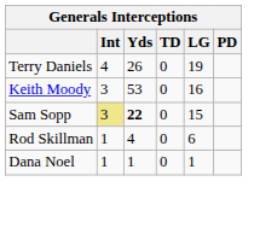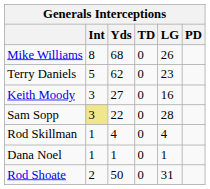 <table class="wikitable">
 <tr>
 <th colspan="6">Generals Interceptions</th>
 </tr>
 <tr>
 <th></th>
 <th>Int</th>
 <th>Yds</th>
 <th>TD</th>
 <th>LG</th>
 <th>PD</th>
 </tr>
 <tr>
+<td><a href='#'>Mike Williams</a></td>
+<td>8</td>
+<td>68</td>
+<td>0</td>
+<td>26</td>
+<td></td>
+</tr>
+<tr>
 <td>Terry Daniels</td>
-<td>4</td>
-<td>26</td>
+<td>5</td>
+<td>62</td>
 <td>0</td>
-<td>19</td>
+<td>23</td>
 <td></td>
 </tr>
 <tr>
 <td><a href='#'>Keith Moody</a></td>
 <td>3</td>
-<td>53</td>
+<td>27</td>
 <td>0</td>
 <td>16</td>
 <td></td>
 </tr>
 <tr>
 <td>Sam Sopp</td>
 <td style="background: khaki;">3</td>
-<td><strong>22</strong></td>
+<td>22</td>
 <td>0</td>
-<td>15</td>
+<td>28</td>
 <td></td>
 </tr>
 <tr>
 <td>Rod Skillman</td>
 <td>1</td>
 <td>4</td>
 <td>0</td>
-<td>6</td>
+<td>4</td>
 <td></td>
 </tr>
 <tr>
 <td>Dana Noel</td>
 <td>1</td>
 <td>1</td>
 <td>0</td>
 <td>1</td>
 <td></td>
 </tr>
+<tr>
+<td><a href='#'>Rod Shoate</a></td>
+<td>2</td>
+<td>50</td>
+<td>0</td>
+<td>31</td>
+<td></td>
+</tr>
 </table>
